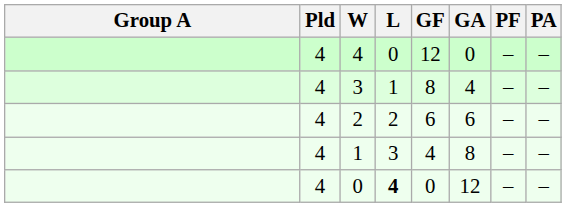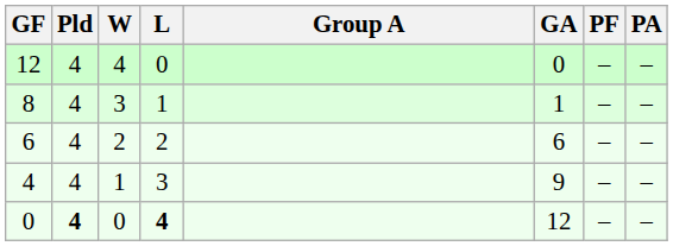 <table class=wikitable style="text-align:center">
 <tr>
-<th width=220>Group A</th>
+<th width=20>GF</th>
 <th width=20>Pld</th>
 <th width=20>W</th>
 <th width=20>L</th>
-<th width=20>GF</th>
+<th width=220>Group A</th>
 <th width=20>GA</th>
 <th width=20>PF</th>
 <th width=20>PA</th>
 </tr>
 <tr bgcolor=ccffcc>
-<td align=left></td>
+<td>12</td>
 <td>4</td>
 <td>4</td>
 <td>0</td>
-<td>12</td>
+<td align=left></td>
 <td>0</td>
 <td>–</td>
 <td>–</td>
 </tr>
 <tr bgcolor=ddffdd>
-<td align=left></td>
+<td>8</td>
 <td>4</td>
 <td>3</td>
 <td>1</td>
-<td>8</td>
-<td>4</td>
+<td align=left></td>
+<td>1</td>
 <td>–</td>
 <td>–</td>
 </tr>
 <tr bgcolor=eeffee>
-<td align=left></td>
+<td>6</td>
 <td>4</td>
 <td>2</td>
 <td>2</td>
-<td>6</td>
+<td align=left></td>
 <td>6</td>
 <td>–</td>
 <td>–</td>
 </tr>
 <tr bgcolor=eeffee>
-<td align=left></td>
+<td>4</td>
 <td>4</td>
 <td>1</td>
 <td>3</td>
-<td>4</td>
-<td>8</td>
+<td align=left></td>
+<td>9</td>
 <td>–</td>
 <td>–</td>
 </tr>
 <tr bgcolor=eeffee>
-<td align=left></td>
-<td>4</td>
 <td>0</td>
 <td><strong>4</strong></td>
 <td>0</td>
+<td><strong>4</strong></td>
+<td align=left></td>
 <td>12</td>
 <td>–</td>
 <td>–</td>
 </tr>
 </table>
